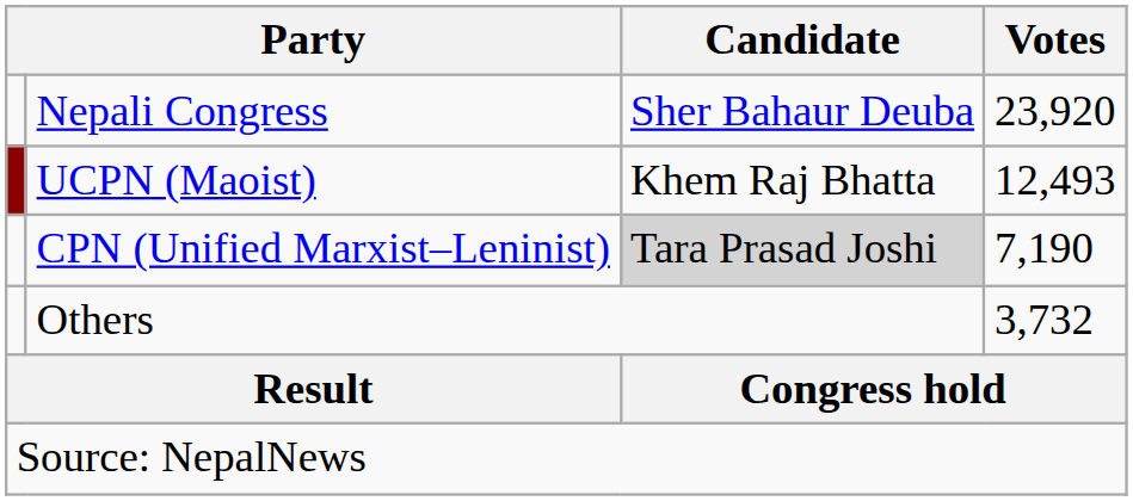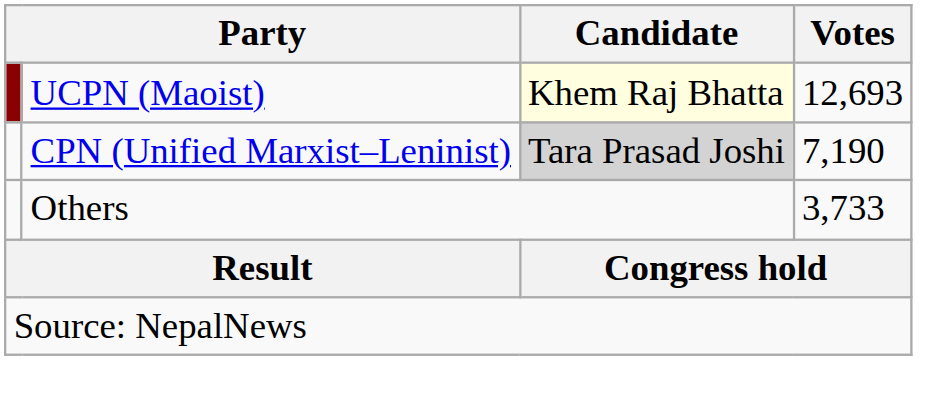 <table class="wikitable">
 <tr>
 <th colspan="2">Party</th>
 <th>Candidate</th>
 <th>Votes</th>
 </tr>
 <tr>
-<td style="background-color:"></td>
-<td><a href='#'>Nepali Congress</a></td>
-<td><a href='#'>Sher Bahaur Deuba</a></td>
-<td>23,920</td>
-</tr>
-<tr>
 <td style="background-color:darkred"></td>
 <td><a href='#'>UCPN (Maoist)</a></td>
-<td>Khem Raj Bhatta</td>
-<td>12,493</td>
+<td style="background: lightyellow;">Khem Raj Bhatta</td>
+<td>12,693</td>
 </tr>
 <tr>
 <td style="background-color:"></td>
 <td><a href='#'>CPN (Unified Marxist–Leninist)</a></td>
 <td style="background: lightgrey;">Tara Prasad Joshi</td>
 <td>7,190</td>
 </tr>
 <tr>
 <td></td>
 <td colspan="2">Others</td>
-<td>3,732</td>
+<td>3,733</td>
 </tr>
 <tr>
 <th colspan="2">Result</th>
 <th colspan="2">Congress hold</th>
 </tr>
 <tr>
 <td colspan="4">Source: NepalNews</td>
 </tr>
 </table>
